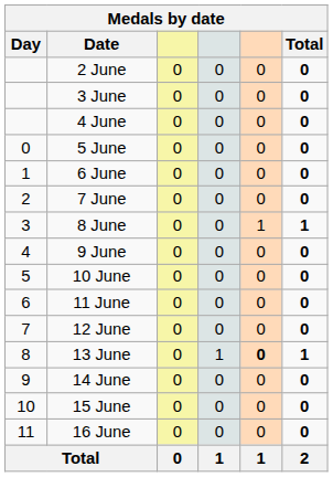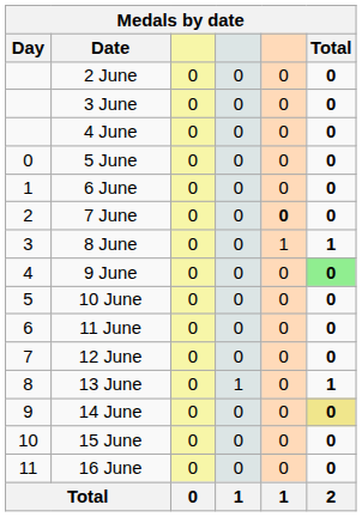 <table class="wikitable" style="font-size:90%; text-align:center;">
 <tr style="background:#efefef;">
 <th colspan=6><strong>Medals by date</strong></th>
 </tr>
 <tr>
 <th width=30><strong>Day</strong></th>
 <th width=90><strong>Date</strong></th>
 <th width=30 style="background:#F7F6A8;"></th>
 <th width=30 style="background:#DCE5E5;"></th>
 <th width=30 style="background:#FFDAB9;"></th>
 <th width=30><strong>Total</strong></th>
 </tr>
 <tr>
 <td></td>
 <td>2 June</td>
 <td style="background:#F7F6A8;">0</td>
 <td style="background:#DCE5E5;">0</td>
 <td style="background:#FFDAB9;">0</td>
 <td><strong>0</strong></td>
 </tr>
 <tr>
 <td></td>
 <td>3 June</td>
 <td style="background:#F7F6A8;">0</td>
 <td style="background:#DCE5E5;">0</td>
 <td style="background:#FFDAB9;">0</td>
 <td><strong>0</strong></td>
 </tr>
 <tr>
 <td></td>
 <td>4 June</td>
 <td style="background:#F7F6A8;">0</td>
 <td style="background:#DCE5E5;">0</td>
 <td style="background:#FFDAB9;">0</td>
 <td><strong>0</strong></td>
 </tr>
 <tr>
 <td>0</td>
 <td>5 June</td>
 <td style="background:#F7F6A8;">0</td>
 <td style="background:#DCE5E5;">0</td>
 <td style="background:#FFDAB9;">0</td>
 <td><strong>0</strong></td>
 </tr>
 <tr>
 <td>1</td>
 <td>6 June</td>
 <td style="background:#F7F6A8;">0</td>
 <td style="background:#DCE5E5;">0</td>
 <td style="background:#FFDAB9;">0</td>
 <td><strong>0</strong></td>
 </tr>
 <tr>
 <td>2</td>
 <td>7 June</td>
 <td style="background:#F7F6A8;">0</td>
 <td style="background:#DCE5E5;">0</td>
-<td style="background:#FFDAB9;">0</td>
+<td style="background:#FFDAB9;"><strong>0</strong></td>
 <td><strong>0</strong></td>
 </tr>
 <tr>
 <td>3</td>
 <td>8 June</td>
 <td style="background:#F7F6A8;">0</td>
 <td style="background:#DCE5E5;">0</td>
 <td style="background:#FFDAB9;">1</td>
 <td><strong>1</strong></td>
 </tr>
 <tr>
 <td>4</td>
 <td>9 June</td>
 <td style="background:#F7F6A8;">0</td>
 <td style="background:#DCE5E5;">0</td>
 <td style="background:#FFDAB9;">0</td>
-<td><strong>0</strong></td>
+<td style="background: lightgreen;"><strong>0</strong></td>
 </tr>
 <tr>
 <td>5</td>
 <td>10 June</td>
 <td style="background:#F7F6A8;">0</td>
 <td style="background:#DCE5E5;">0</td>
 <td style="background:#FFDAB9;">0</td>
 <td><strong>0</strong></td>
 </tr>
 <tr>
 <td>6</td>
 <td>11 June</td>
 <td style="background:#F7F6A8;">0</td>
 <td style="background:#DCE5E5;">0</td>
 <td style="background:#FFDAB9;">0</td>
 <td><strong>0</strong></td>
 </tr>
 <tr>
 <td>7</td>
 <td>12 June</td>
 <td style="background:#F7F6A8;">0</td>
 <td style="background:#DCE5E5;">0</td>
 <td style="background:#FFDAB9;">0</td>
 <td><strong>0</strong></td>
 </tr>
 <tr>
 <td>8</td>
 <td>13 June</td>
 <td style="background:#F7F6A8;">0</td>
 <td style="background:#DCE5E5;">1</td>
-<td style="background:#FFDAB9;"><strong>0</strong></td>
+<td style="background:#FFDAB9;">0</td>
 <td><strong>1</strong></td>
 </tr>
 <tr>
 <td>9</td>
 <td>14 June</td>
 <td style="background:#F7F6A8;">0</td>
 <td style="background:#DCE5E5;">0</td>
 <td style="background:#FFDAB9;">0</td>
-<td><strong>0</strong></td>
+<td style="background: khaki;"><strong>0</strong></td>
 </tr>
 <tr>
 <td>10</td>
 <td>15 June</td>
 <td style="background:#F7F6A8;">0</td>
 <td style="background:#DCE5E5;">0</td>
 <td style="background:#FFDAB9;">0</td>
 <td><strong>0</strong></td>
 </tr>
 <tr>
 <td>11</td>
 <td>16 June</td>
 <td style="background:#F7F6A8;">0</td>
 <td style="background:#DCE5E5;">0</td>
 <td style="background:#FFDAB9;">0</td>
 <td><strong>0</strong></td>
 </tr>
 <tr>
 <th colspan="2"><strong>Total</strong></th>
 <th><strong>0</strong></th>
 <th><strong>1</strong></th>
 <th><strong>1</strong></th>
 <th><strong>2</strong></th>
 </tr>
 </table>
